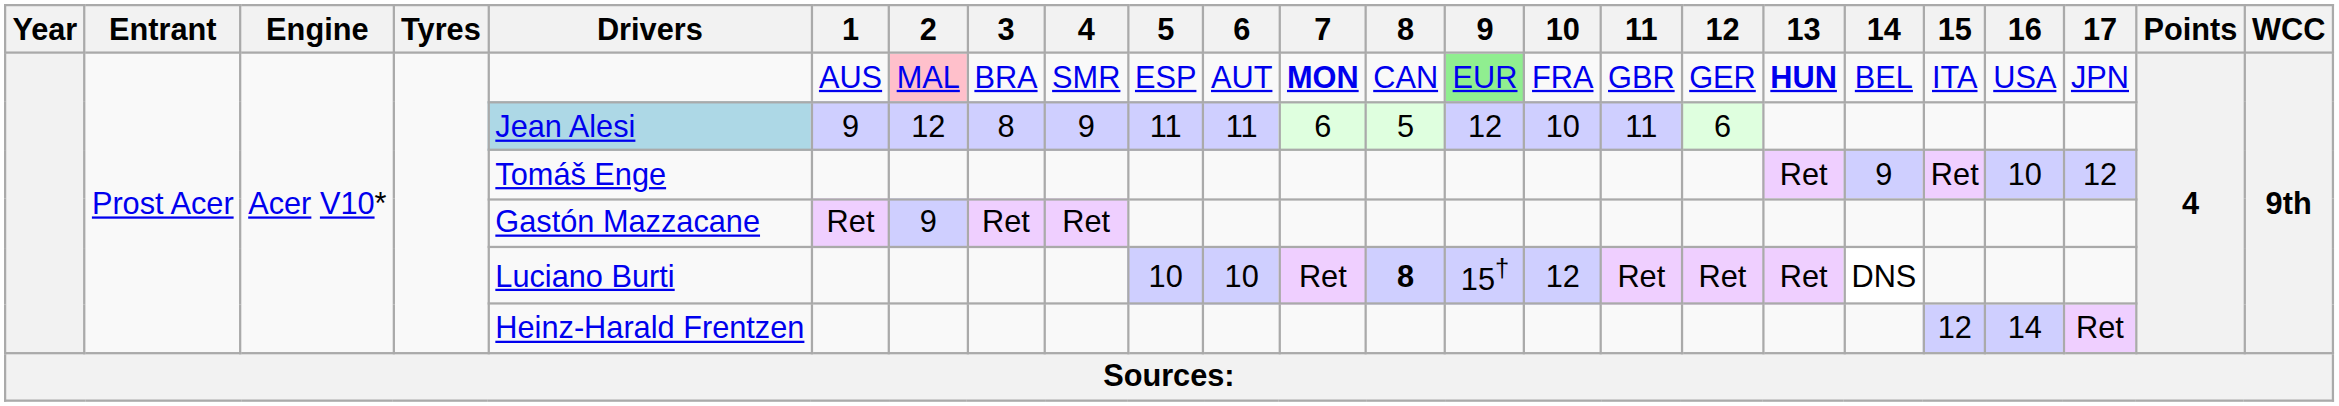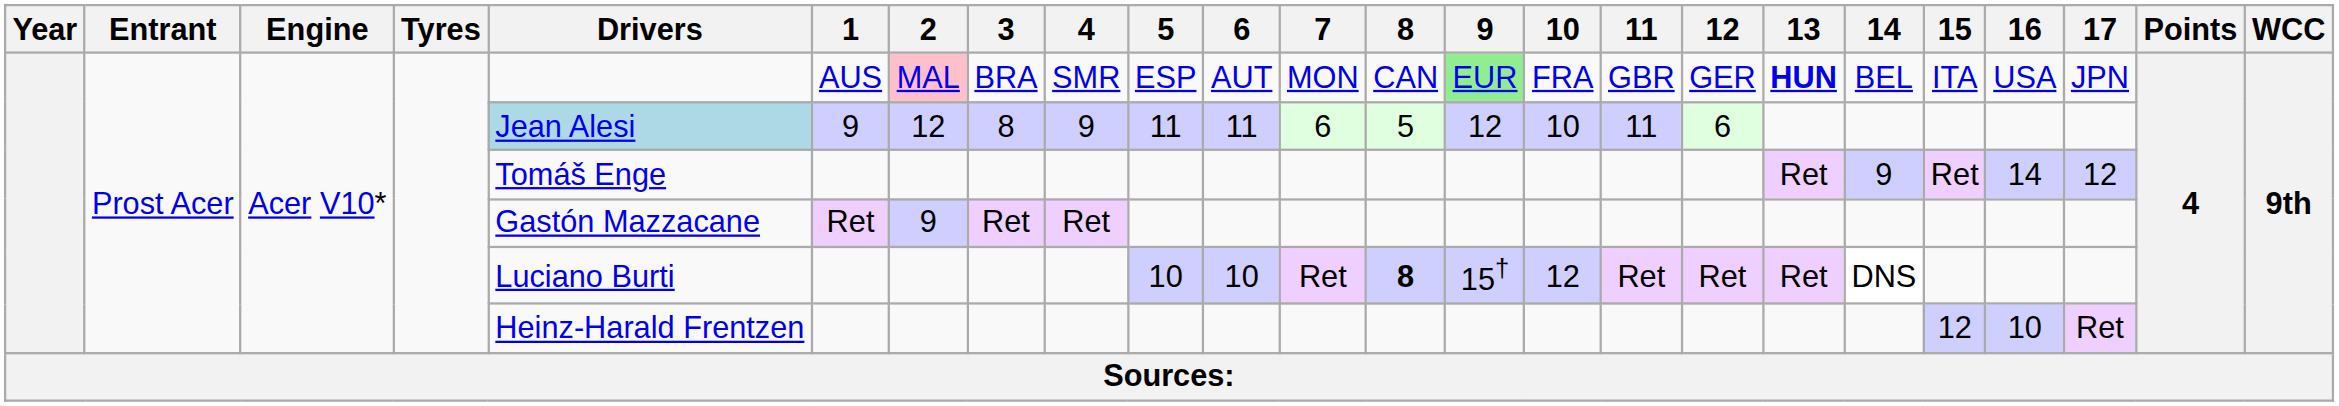 <table class="wikitable" style="text-align:center; font-size:85%">
 <tr>
 <th>Year</th>
 <th>Entrant</th>
 <th>Engine</th>
 <th>Tyres</th>
 <th>Drivers</th>
 <th>1</th>
 <th>2</th>
 <th>3</th>
 <th>4</th>
 <th>5</th>
 <th>6</th>
 <th>7</th>
 <th>8</th>
 <th>9</th>
 <th>10</th>
 <th>11</th>
 <th>12</th>
 <th>13</th>
 <th>14</th>
 <th>15</th>
 <th>16</th>
 <th>17</th>
 <th>Points</th>
 <th>WCC</th>
 </tr>
 <tr>
 <th rowspan="6"></th>
 <td rowspan="6"><a href='#'>Prost Acer</a></td>
 <td rowspan="6"><a href='#'>Acer</a> <a href='#'>V10</a>*</td>
 <td rowspan="6"></td>
 <td></td>
 <td><a href='#'>AUS</a></td>
 <td style="background: pink;"><a href='#'>MAL</a></td>
 <td><a href='#'>BRA</a></td>
 <td><a href='#'>SMR</a></td>
 <td><a href='#'>ESP</a></td>
 <td><a href='#'>AUT</a></td>
-<td><strong><a href='#'>MON</a></strong></td>
+<td><a href='#'>MON</a></td>
 <td><a href='#'>CAN</a></td>
 <td style="background: lightgreen;"><a href='#'>EUR</a></td>
 <td><a href='#'>FRA</a></td>
 <td><a href='#'>GBR</a></td>
 <td><a href='#'>GER</a></td>
 <td><strong><a href='#'>HUN</a></strong></td>
 <td><a href='#'>BEL</a></td>
 <td><a href='#'>ITA</a></td>
 <td><a href='#'>USA</a></td>
 <td><a href='#'>JPN</a></td>
 <th rowspan="6">4</th>
 <th rowspan="6">9th</th>
 </tr>
 <tr>
 <td align="left" style="background: lightblue;"> <a href='#'>Jean Alesi</a></td>
 <td style="background:#CFCFFF;">9</td>
 <td style="background:#CFCFFF;">12</td>
 <td style="background:#CFCFFF;">8</td>
 <td style="background:#CFCFFF;">9</td>
 <td style="background:#CFCFFF;">11</td>
 <td style="background:#CFCFFF;">11</td>
 <td style="background:#DFFFDF;">6</td>
 <td style="background:#DFFFDF;">5</td>
 <td style="background:#CFCFFF;">12</td>
 <td style="background:#CFCFFF;">10</td>
 <td style="background:#CFCFFF;">11</td>
 <td style="background:#DFFFDF;">6</td>
 <td></td>
 <td></td>
 <td></td>
 <td></td>
 <td></td>
 </tr>
 <tr>
 <td align="left"> <a href='#'>Tomáš Enge</a></td>
 <td></td>
 <td></td>
 <td></td>
 <td></td>
 <td></td>
 <td></td>
 <td></td>
 <td></td>
 <td></td>
 <td></td>
 <td></td>
 <td></td>
 <td style="background:#EFCFFF;">Ret</td>
 <td style="background:#CFCFFF;">9</td>
 <td style="background:#EFCFFF;">Ret</td>
-<td style="background:#CFCFFF;">10</td>
+<td style="background:#CFCFFF;">14</td>
 <td style="background:#CFCFFF;">12</td>
 </tr>
 <tr>
 <td align="left"> <a href='#'>Gastón Mazzacane</a></td>
 <td style="background:#EFCFFF;">Ret</td>
 <td style="background:#CFCFFF;">9</td>
 <td style="background:#EFCFFF;">Ret</td>
 <td style="background:#EFCFFF;">Ret</td>
 <td></td>
 <td></td>
 <td></td>
 <td></td>
 <td></td>
 <td></td>
 <td></td>
 <td></td>
 <td></td>
 <td></td>
 <td></td>
 <td></td>
 <td></td>
 </tr>
 <tr>
 <td align="left"> <a href='#'>Luciano Burti</a></td>
 <td></td>
 <td></td>
 <td></td>
 <td></td>
 <td style="background:#CFCFFF;">10</td>
 <td style="background:#CFCFFF;">10</td>
 <td style="background:#EFCFFF;">Ret</td>
 <td style="background:#CFCFFF;"><strong>8</strong></td>
 <td style="background:#CFCFFF;">15<sup>†</sup></td>
 <td style="background:#CFCFFF;">12</td>
 <td style="background:#EFCFFF;">Ret</td>
 <td style="background:#EFCFFF;">Ret</td>
 <td style="background:#EFCFFF;">Ret</td>
 <td style="background:#FFFFFF;">DNS</td>
 <td></td>
 <td></td>
 <td></td>
 </tr>
 <tr>
 <td align="left"> <a href='#'>Heinz-Harald Frentzen</a></td>
 <td></td>
 <td></td>
 <td></td>
 <td></td>
 <td></td>
 <td></td>
 <td></td>
 <td></td>
 <td></td>
 <td></td>
 <td></td>
 <td></td>
 <td></td>
 <td></td>
 <td style="background:#CFCFFF;">12</td>
-<td style="background:#CFCFFF;">14</td>
+<td style="background:#CFCFFF;">10</td>
 <td style="background:#EFCFFF;">Ret</td>
 </tr>
 <tr>
 <th colspan="24">Sources:</th>
 </tr>
 </table>
